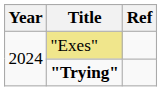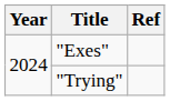 <table class="wikitable sortable plainrowheaders">
 <tr style="text-align:center;">
 <th scope="col">Year</th>
 <th scope="col">Title</th>
 <th scope="col">Ref</th>
 </tr>
 <tr>
 <td rowspan="2">2024</td>
-<td style="background: khaki;">"Exes"</td>
+<td>"Exes"</td>
 <td></td>
 </tr>
 <tr>
-<td><strong>"Trying"</strong></td>
+<td>"Trying"</td>
 <td></td>
 </tr>
 </table>
